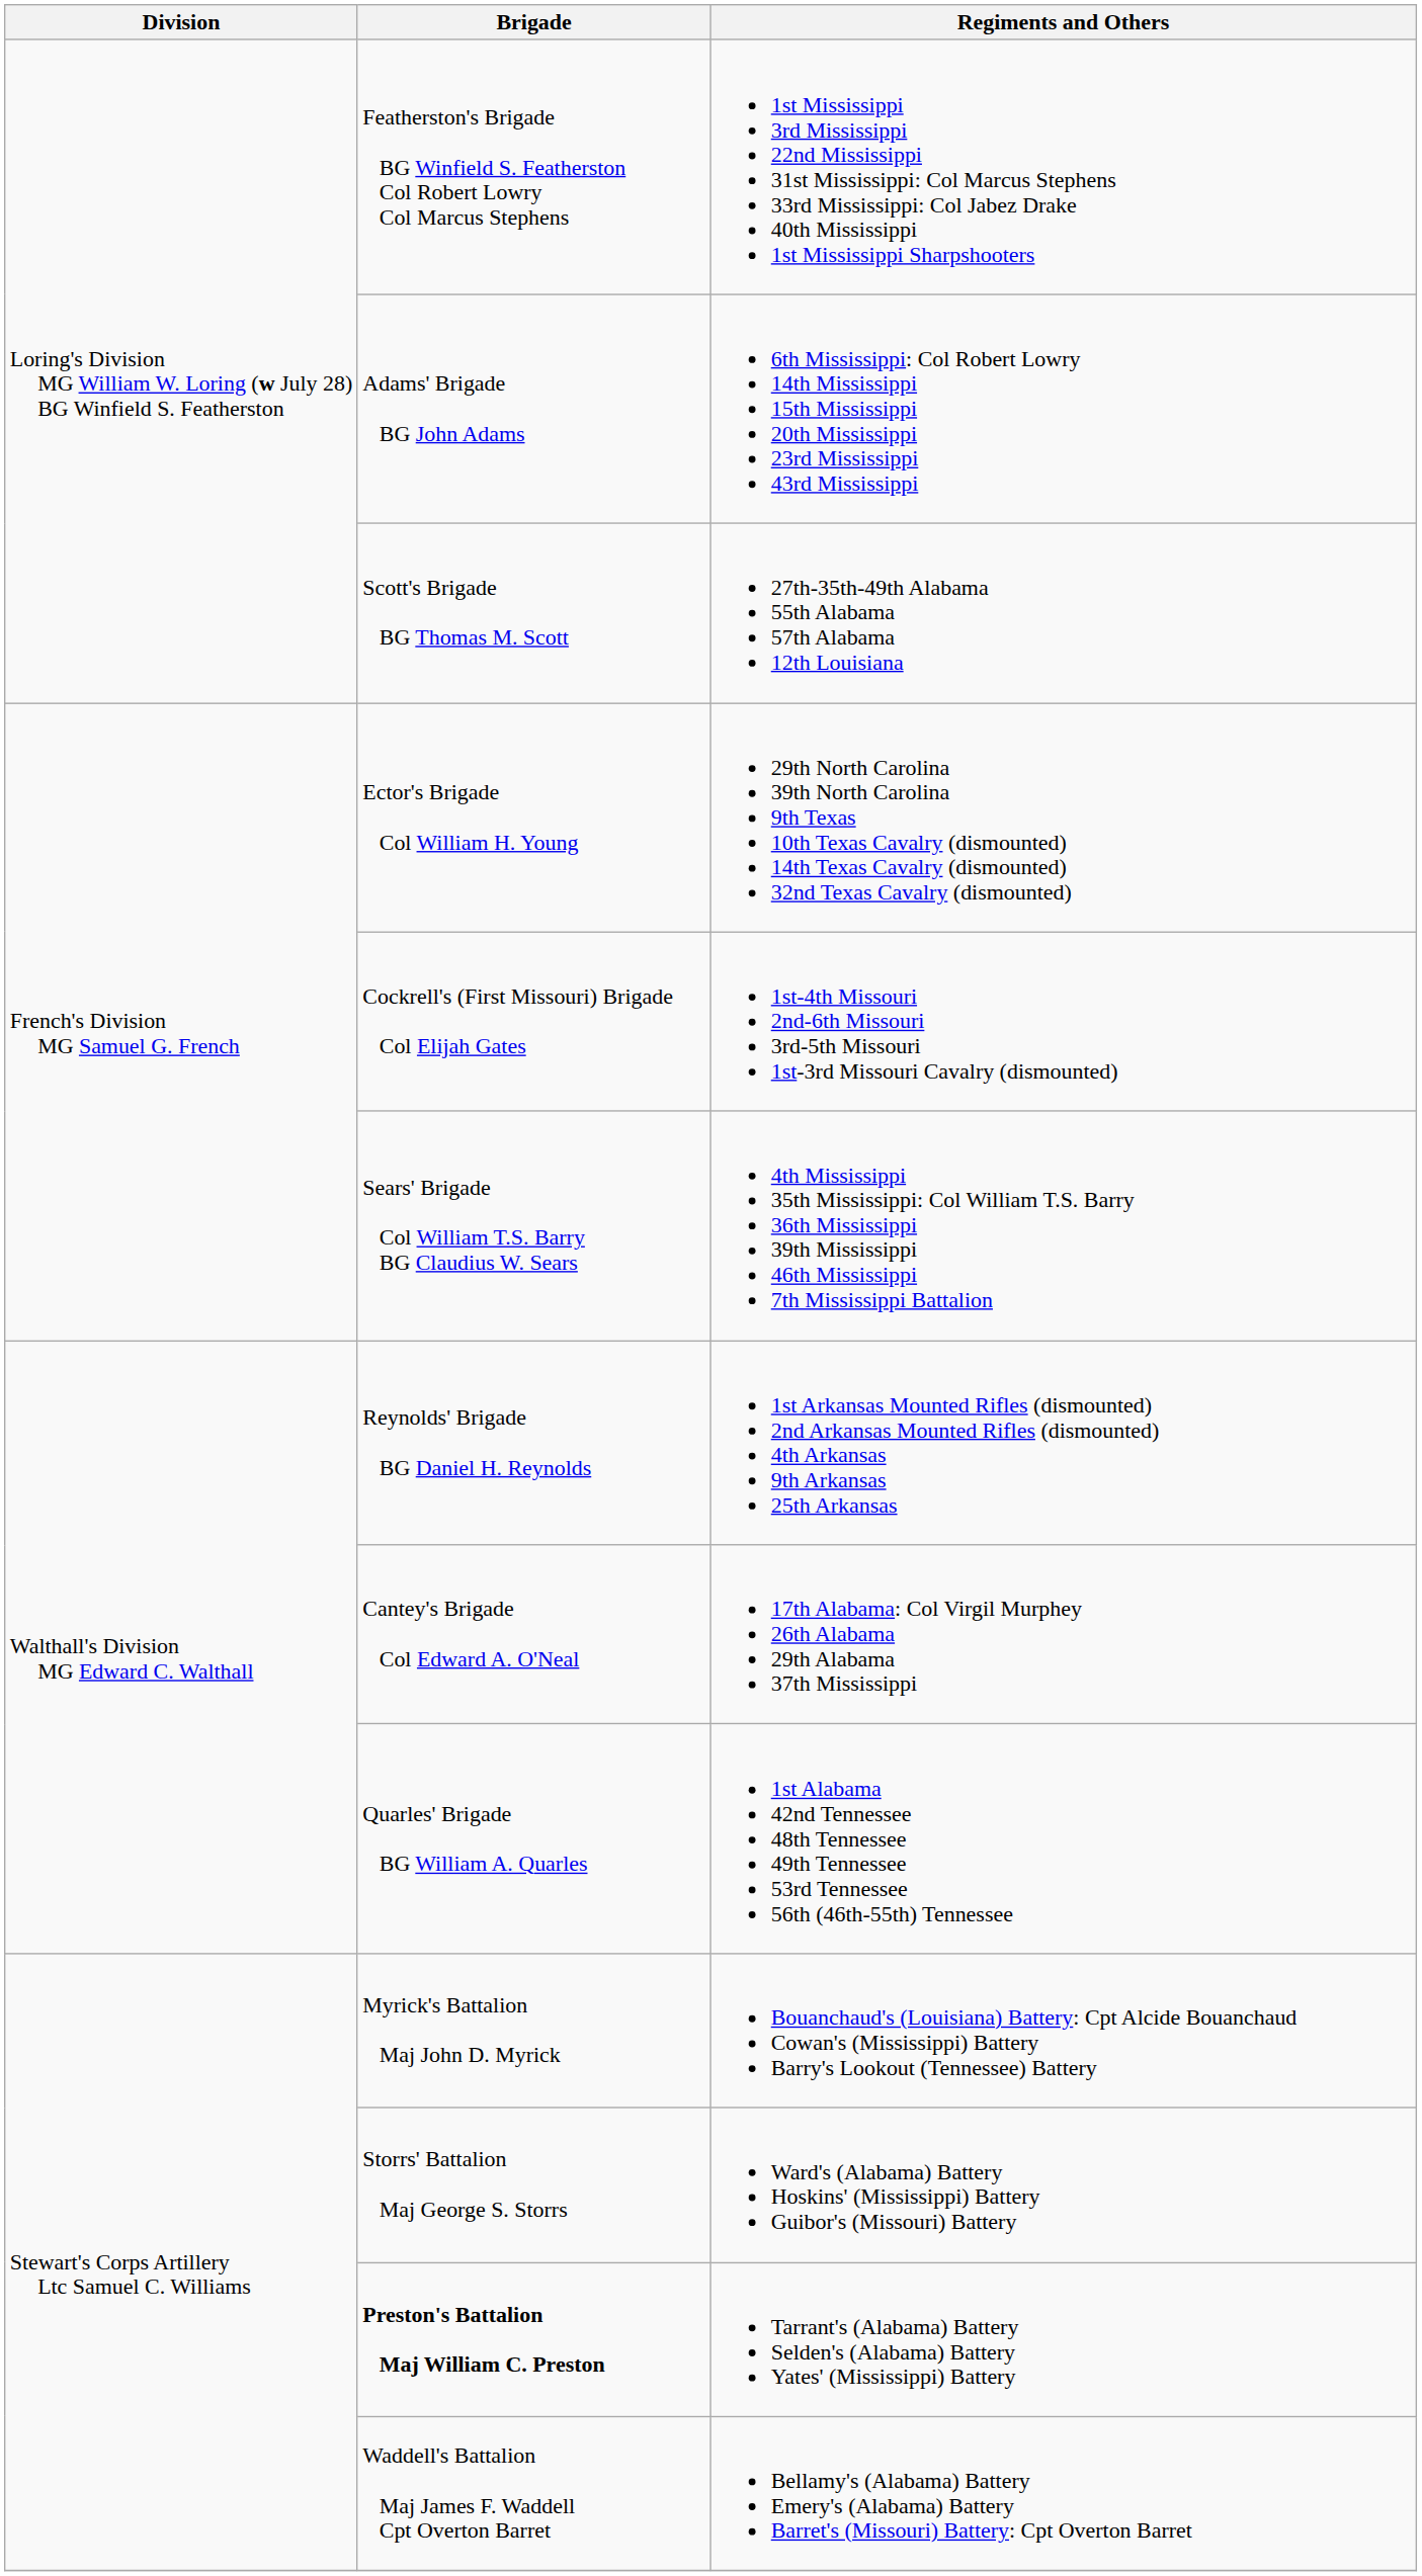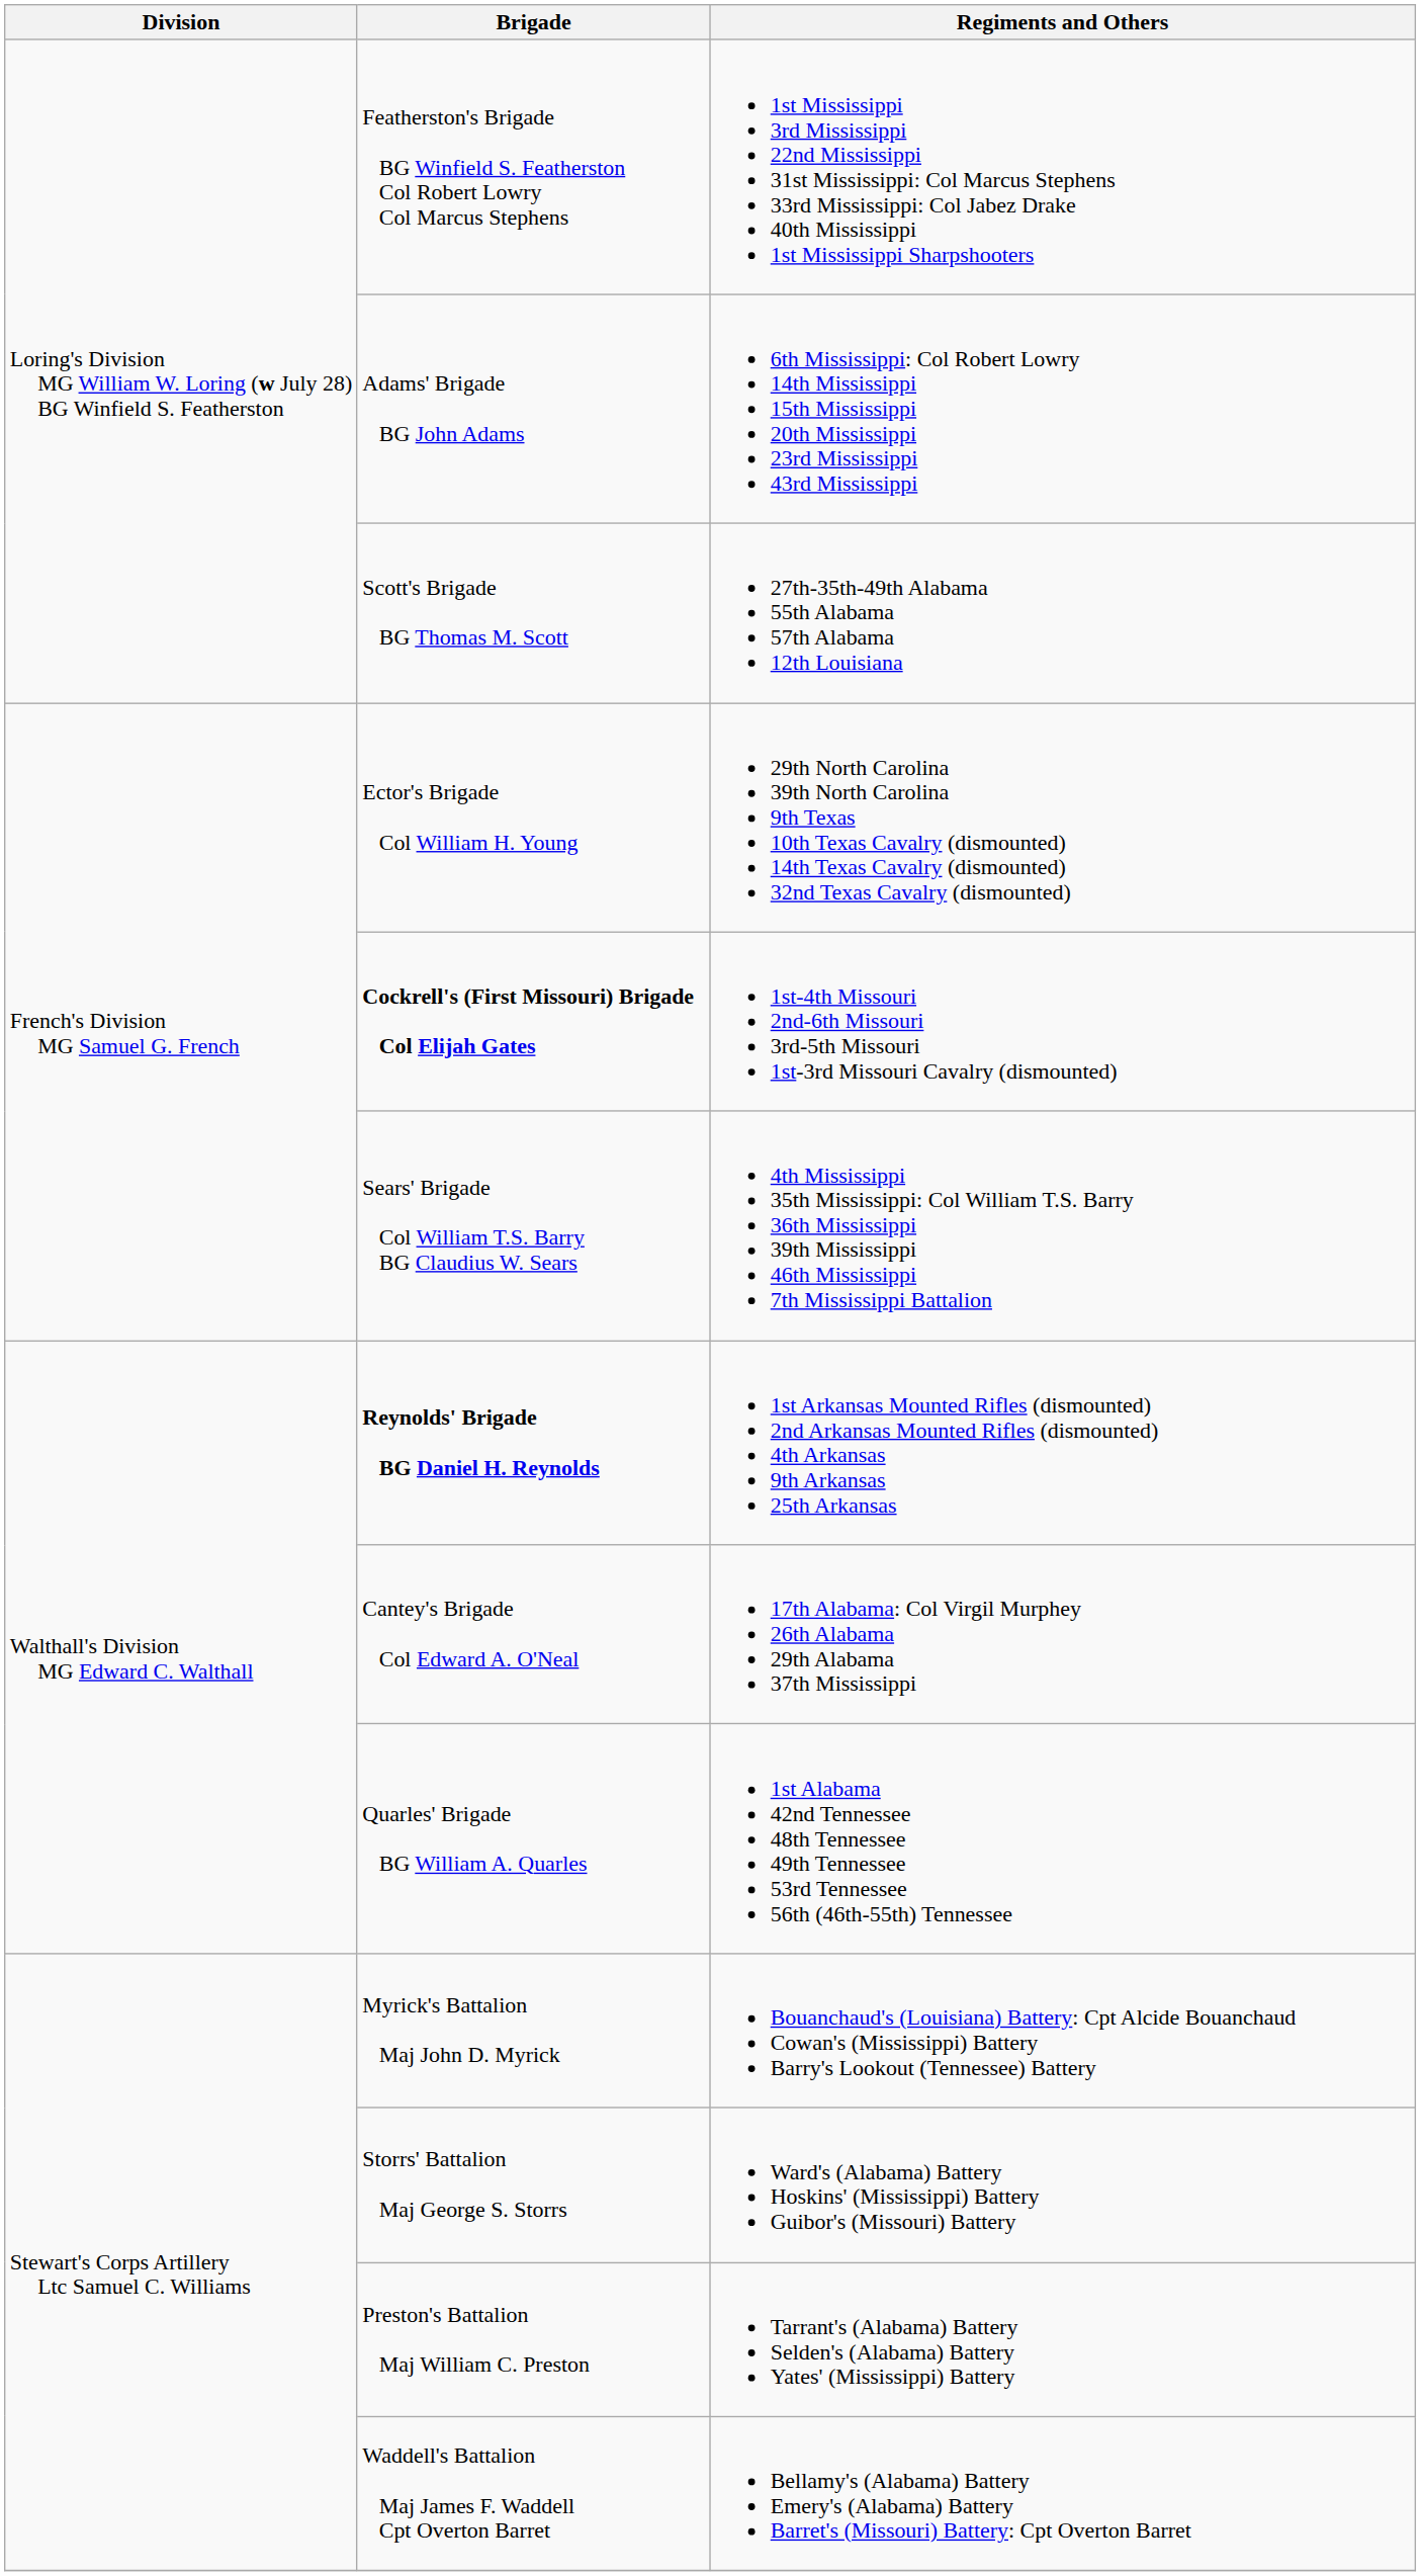 <table class="wikitable">
 <tr>
 <th width=25%>Division</th>
 <th width=25%>Brigade</th>
 <th>Regiments and Others</th>
 </tr>
 <tr>
 <td rowspan=3><br>Loring's Division <br>     MG <a href='#'>William W. Loring</a> (<strong>w</strong> July 28)<br>     BG Winfield S. Featherston</td>
 <td>Featherston's Brigade<br><br>   BG <a href='#'>Winfield S. Featherston</a><br>   Col Robert Lowry<br>   Col Marcus Stephens</td>
 <td><br><ul><li><a href='#'>1st Mississippi</a></li><li><a href='#'>3rd Mississippi</a></li><li><a href='#'>22nd Mississippi</a></li><li>31st Mississippi: Col Marcus Stephens</li><li>33rd Mississippi: Col Jabez Drake</li><li>40th Mississippi</li><li><a href='#'>1st Mississippi Sharpshooters</a></li></ul></td>
 </tr>
 <tr>
 <td>Adams' Brigade<br><br>   BG <a href='#'>John Adams</a></td>
 <td><br><ul><li><a href='#'>6th Mississippi</a>: Col Robert Lowry</li><li><a href='#'>14th Mississippi</a></li><li><a href='#'>15th Mississippi</a></li><li><a href='#'>20th Mississippi</a></li><li><a href='#'>23rd Mississippi</a></li><li><a href='#'>43rd Mississippi</a></li></ul></td>
 </tr>
 <tr>
 <td>Scott's Brigade<br><br>   BG <a href='#'>Thomas M. Scott</a></td>
 <td><br><ul><li>27th-35th-49th Alabama</li><li>55th Alabama</li><li>57th Alabama</li><li><a href='#'>12th Louisiana</a></li></ul></td>
 </tr>
 <tr>
 <td rowspan=3><br>French's Division <br>     MG <a href='#'>Samuel G. French</a></td>
 <td>Ector's Brigade<br><br>   Col <a href='#'>William H. Young</a></td>
 <td><br><ul><li>29th North Carolina</li><li>39th North Carolina</li><li><a href='#'>9th Texas</a></li><li><a href='#'>10th Texas Cavalry</a> (dismounted)</li><li><a href='#'>14th Texas Cavalry</a> (dismounted)</li><li><a href='#'>32nd Texas Cavalry</a> (dismounted)</li></ul></td>
 </tr>
 <tr>
-<td>Cockrell's (First Missouri) Brigade<br><br>   Col <a href='#'>Elijah Gates</a></td>
+<td><strong>Cockrell's (First Missouri) Brigade<br><br>   Col <a href='#'>Elijah Gates</a></strong></td>
 <td><br><ul><li><a href='#'>1st-4th Missouri</a></li><li><a href='#'>2nd-6th Missouri</a></li><li>3rd-5th Missouri</li><li><a href='#'>1st</a>-3rd Missouri Cavalry (dismounted)</li></ul></td>
 </tr>
 <tr>
 <td>Sears' Brigade<br><br>   Col <a href='#'>William T.S. Barry</a><br>   BG <a href='#'>Claudius W. Sears</a></td>
 <td><br><ul><li><a href='#'>4th Mississippi</a></li><li>35th Mississippi: Col William T.S. Barry</li><li><a href='#'>36th Mississippi</a></li><li>39th Mississippi</li><li><a href='#'>46th Mississippi</a></li><li><a href='#'>7th Mississippi Battalion</a></li></ul></td>
 </tr>
 <tr>
 <td rowspan=3><br>Walthall's Division <br>     MG <a href='#'>Edward C. Walthall</a></td>
-<td>Reynolds' Brigade<br><br>   BG <a href='#'>Daniel H. Reynolds</a></td>
+<td><strong>Reynolds' Brigade<br><br>   BG <a href='#'>Daniel H. Reynolds</a></strong></td>
 <td><br><ul><li><a href='#'>1st Arkansas Mounted Rifles</a> (dismounted)</li><li><a href='#'>2nd Arkansas Mounted Rifles</a> (dismounted)</li><li><a href='#'>4th Arkansas</a></li><li><a href='#'>9th Arkansas</a></li><li><a href='#'>25th Arkansas</a></li></ul></td>
 </tr>
 <tr>
 <td>Cantey's Brigade<br><br>   Col <a href='#'>Edward A. O'Neal</a></td>
 <td><br><ul><li><a href='#'>17th Alabama</a>: Col Virgil Murphey</li><li><a href='#'>26th Alabama</a></li><li>29th Alabama</li><li>37th Mississippi</li></ul></td>
 </tr>
 <tr>
 <td>Quarles' Brigade<br><br>   BG <a href='#'>William A. Quarles</a></td>
 <td><br><ul><li><a href='#'>1st Alabama</a></li><li>42nd Tennessee</li><li>48th Tennessee</li><li>49th Tennessee</li><li>53rd Tennessee</li><li>56th (46th-55th) Tennessee</li></ul></td>
 </tr>
 <tr>
 <td rowspan=4><br>Stewart's Corps Artillery <br>     Ltc Samuel C. Williams</td>
 <td>Myrick's Battalion<br><br>   Maj John D. Myrick</td>
 <td><br><ul><li><a href='#'>Bouanchaud's (Louisiana) Battery</a>: Cpt Alcide Bouanchaud</li><li>Cowan's (Mississippi) Battery</li><li>Barry's Lookout (Tennessee) Battery</li></ul></td>
 </tr>
 <tr>
 <td>Storrs' Battalion<br><br>   Maj George S. Storrs</td>
 <td><br><ul><li>Ward's (Alabama) Battery</li><li>Hoskins' (Mississippi) Battery</li><li>Guibor's (Missouri) Battery</li></ul></td>
 </tr>
 <tr>
-<td><strong>Preston's Battalion<br><br>   Maj William C. Preston</strong></td>
+<td>Preston's Battalion<br><br>   Maj William C. Preston</td>
 <td><br><ul><li>Tarrant's (Alabama) Battery</li><li>Selden's (Alabama) Battery</li><li>Yates' (Mississippi) Battery</li></ul></td>
 </tr>
 <tr>
 <td>Waddell's Battalion<br><br>   Maj James F. Waddell<br>   Cpt Overton Barret</td>
 <td><br><ul><li>Bellamy's (Alabama) Battery</li><li>Emery's (Alabama) Battery</li><li><a href='#'>Barret's (Missouri) Battery</a>: Cpt Overton Barret</li></ul></td>
 </tr>
 <tr>
 </tr>
 </table>
